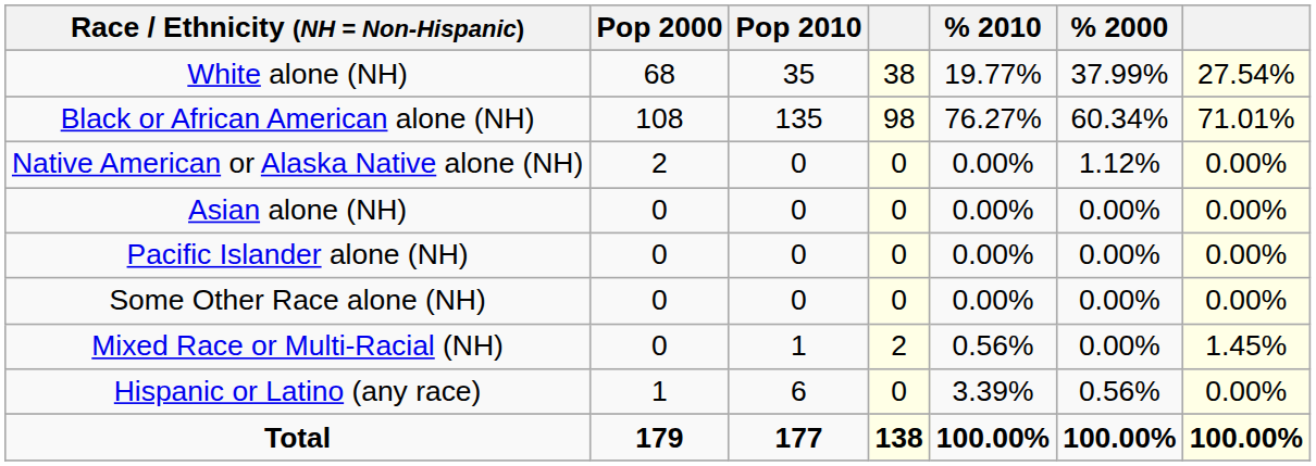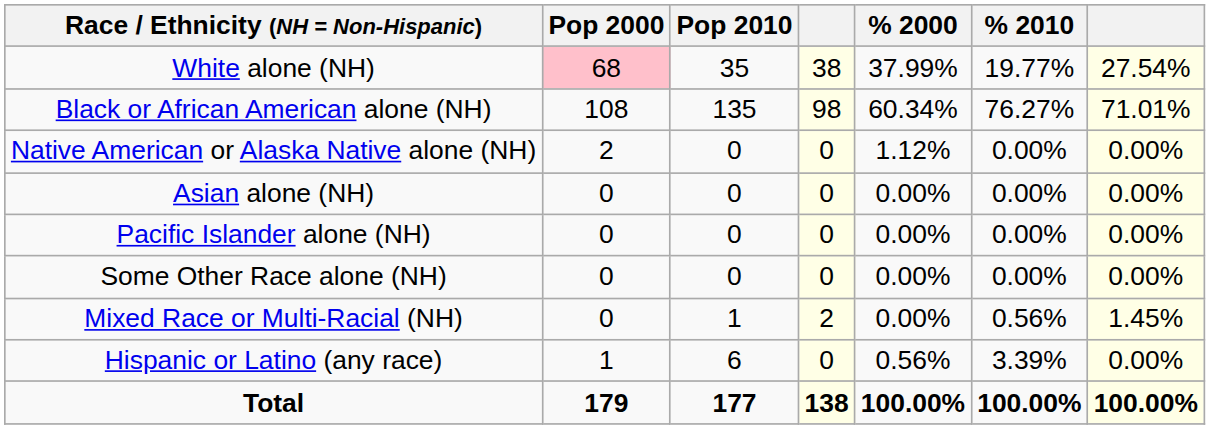 <table class="wikitable" style="text-align:center;">
 <tr>
 <th>Race / Ethnicity <small>(<em>NH = Non-Hispanic</em>)</small></th>
 <th>Pop 2000</th>
 <th>Pop 2010</th>
 <th></th>
+<th>% 2000</th>
 <th>% 2010</th>
-<th>% 2000</th>
 <th></th>
 </tr>
 <tr>
 <td><a href='#'>White</a> alone (NH)</td>
-<td>68</td>
+<td style="background: pink;">68</td>
 <td>35</td>
 <td style='background: #ffffe6;'>38</td>
+<td>37.99%</td>
 <td>19.77%</td>
-<td>37.99%</td>
 <td style='background: #ffffe6;'>27.54%</td>
 </tr>
 <tr>
 <td><a href='#'>Black or African American</a> alone (NH)</td>
 <td>108</td>
 <td>135</td>
 <td style='background: #ffffe6;'>98</td>
+<td>60.34%</td>
 <td>76.27%</td>
-<td>60.34%</td>
 <td style='background: #ffffe6;'>71.01%</td>
 </tr>
 <tr>
 <td><a href='#'>Native American</a> or <a href='#'>Alaska Native</a> alone (NH)</td>
 <td>2</td>
 <td>0</td>
 <td style='background: #ffffe6;'>0</td>
+<td>1.12%</td>
 <td>0.00%</td>
-<td>1.12%</td>
 <td style='background: #ffffe6;'>0.00%</td>
 </tr>
 <tr>
 <td><a href='#'>Asian</a> alone (NH)</td>
 <td>0</td>
 <td>0</td>
 <td style='background: #ffffe6;'>0</td>
 <td>0.00%</td>
 <td>0.00%</td>
 <td style='background: #ffffe6;'>0.00%</td>
 </tr>
 <tr>
 <td><a href='#'>Pacific Islander</a> alone (NH)</td>
 <td>0</td>
 <td>0</td>
 <td style='background: #ffffe6;'>0</td>
 <td>0.00%</td>
 <td>0.00%</td>
 <td style='background: #ffffe6;'>0.00%</td>
 </tr>
 <tr>
 <td>Some Other Race alone (NH)</td>
 <td>0</td>
 <td>0</td>
 <td style='background: #ffffe6;'>0</td>
 <td>0.00%</td>
 <td>0.00%</td>
 <td style='background: #ffffe6;'>0.00%</td>
 </tr>
 <tr>
 <td><a href='#'>Mixed Race or Multi-Racial</a> (NH)</td>
 <td>0</td>
 <td>1</td>
 <td style='background: #ffffe6;'>2</td>
+<td>0.00%</td>
 <td>0.56%</td>
-<td>0.00%</td>
 <td style='background: #ffffe6;'>1.45%</td>
 </tr>
 <tr>
 <td><a href='#'>Hispanic or Latino</a> (any race)</td>
 <td>1</td>
 <td>6</td>
 <td style='background: #ffffe6;'>0</td>
+<td>0.56%</td>
 <td>3.39%</td>
-<td>0.56%</td>
 <td style='background: #ffffe6;'>0.00%</td>
 </tr>
 <tr>
 <td><strong>Total</strong></td>
 <td><strong>179</strong></td>
 <td><strong>177</strong></td>
 <td style='background: #ffffe6;'><strong>138</strong></td>
 <td><strong>100.00%</strong></td>
 <td><strong>100.00%</strong></td>
 <td style='background: #ffffe6;'><strong>100.00%</strong></td>
 </tr>
 </table>
